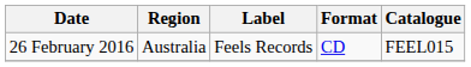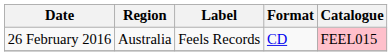 <table class="wikitable">
 <tr>
 <th>Date</th>
 <th>Region</th>
 <th>Label</th>
 <th>Format</th>
 <th>Catalogue</th>
 </tr>
 <tr>
 <td>26 February 2016 </td>
 <td>Australia</td>
 <td>Feels Records</td>
 <td><a href='#'>CD</a></td>
-<td>FEEL015</td>
+<td style="background: pink;">FEEL015</td>
 </tr>
 <tr>
 </tr>
 </table>
